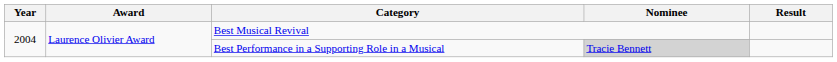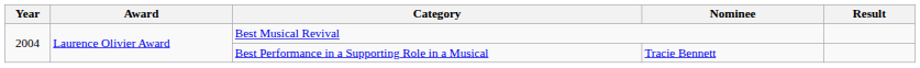 <table class="wikitable" width="95%">
 <tr>
 <th width="5%">Year</th>
 <th width="20%">Award</th>
 <th width="45%">Category</th>
 <th width="20%">Nominee</th>
 <th width="10%">Result</th>
 </tr>
 <tr>
 <td rowspan="2" align="center">2004</td>
 <td rowspan="2"><a href='#'>Laurence Olivier Award</a></td>
 <td colspan="2"><a href='#'>Best Musical Revival</a></td>
 <td></td>
 </tr>
 <tr>
 <td><a href='#'>Best Performance in a Supporting Role in a Musical</a></td>
-<td style="background: lightgrey;"><a href='#'>Tracie Bennett</a></td>
+<td><a href='#'>Tracie Bennett</a></td>
 <td></td>
 </tr>
 </table>
